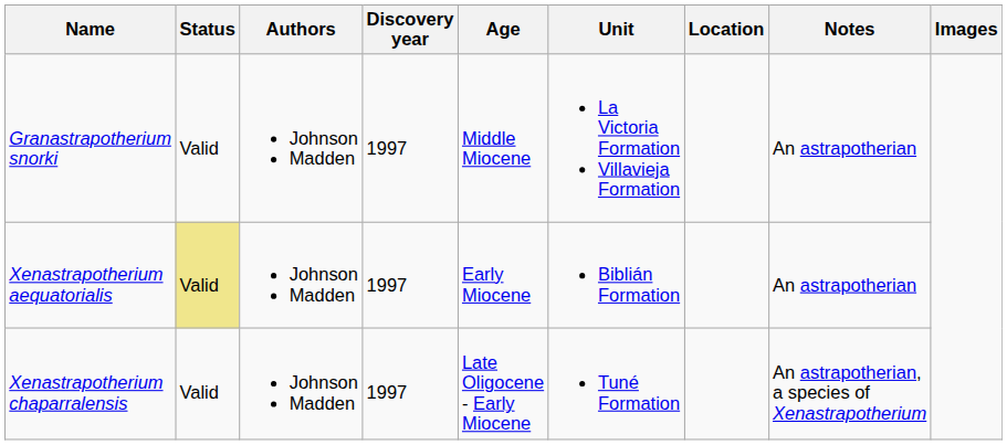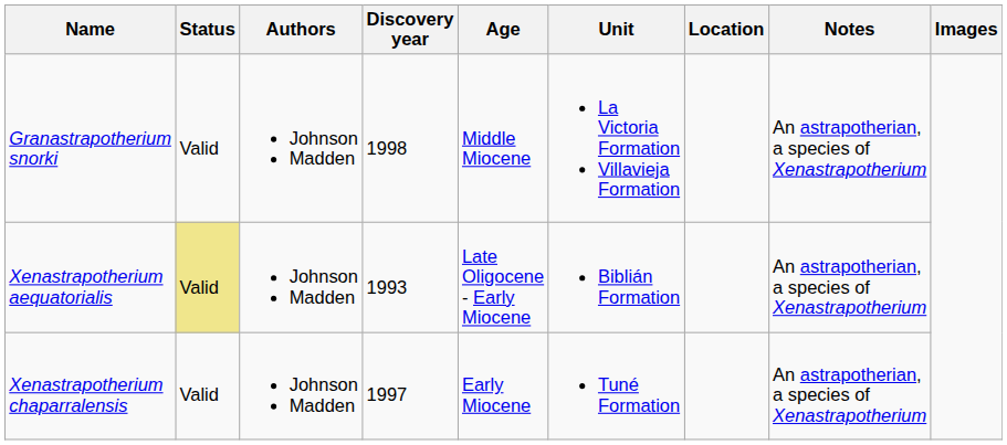 <table class="wikitable sortable" align="center" width="100%">
 <tr>
 <th>Name</th>
 <th>Status</th>
 <th>Authors</th>
 <th>Discovery year</th>
 <th>Age</th>
 <th>Unit</th>
 <th>Location</th>
 <th width="33%" class="unsortable">Notes</th>
 <th class="unsortable">Images</th>
 </tr>
 <tr>
 <td><br><em><a href='#'>Granastrapotherium snorki</a></em></td>
 <td><br>Valid</td>
 <td><br><ul><li>Johnson</li><li>Madden</li></ul></td>
-<td><br>1997</td>
+<td><br>1998</td>
 <td><br><a href='#'>Middle Miocene</a></td>
 <td><br><ul><li><a href='#'>La Victoria Formation</a></li><li><a href='#'>Villavieja Formation</a></li></ul></td>
 <td><br><br> </td>
-<td><br>An <a href='#'>astrapotherian</a></td>
+<td><br>An <a href='#'>astrapotherian</a>, a species of <em><a href='#'>Xenastrapotherium</a></em></td>
 <td rowspan="99"><br></td>
 </tr>
 <tr>
 <td><br><em><a href='#'>Xenastrapotherium aequatorialis</a></em></td>
 <td style="background: khaki;"><br>Valid</td>
 <td><br><ul><li>Johnson</li><li>Madden</li></ul></td>
-<td><br>1997</td>
-<td><br><a href='#'>Early Miocene</a></td>
+<td><br>1993</td>
+<td><br><a href='#'>Late Oligocene</a> - <a href='#'>Early Miocene</a></td>
 <td><br><ul><li><a href='#'>Biblián Formation</a></li></ul></td>
 <td><br></td>
-<td><br>An <a href='#'>astrapotherian</a></td>
+<td><br>An <a href='#'>astrapotherian</a>, a species of <em><a href='#'>Xenastrapotherium</a></em></td>
 </tr>
 <tr>
 <td><br><em><a href='#'>Xenastrapotherium chaparralensis</a></em></td>
 <td><br>Valid</td>
 <td><br><ul><li>Johnson</li><li>Madden</li></ul></td>
 <td><br>1997</td>
-<td><br><a href='#'>Late Oligocene</a> - <a href='#'>Early Miocene</a></td>
+<td><br><a href='#'>Early Miocene</a></td>
 <td><br><ul><li><a href='#'>Tuné Formation</a></li></ul></td>
 <td><br></td>
 <td><br>An <a href='#'>astrapotherian</a>, a species of <em><a href='#'>Xenastrapotherium</a></em></td>
 </tr>
 </table>
